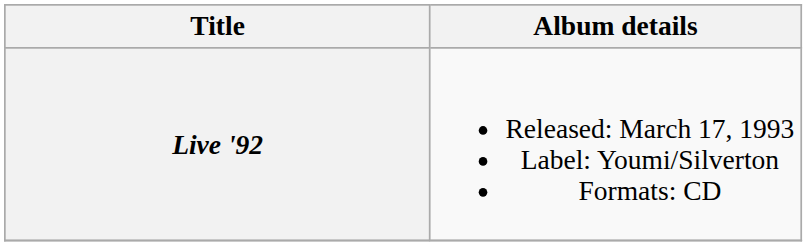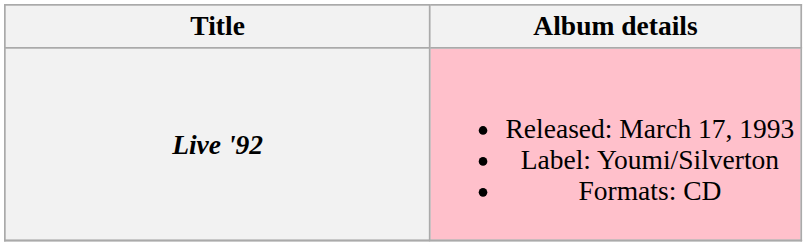 <table class="wikitable plainrowheaders" style="text-align:center;">
 <tr>
 <th scope="col" style="width:15em;">Title</th>
 <th scope="col">Album details</th>
 </tr>
 <tr>
 <th scope="row"><em>Live '92</em></th>
-<td><br><ul><li>Released: March 17, 1993</li><li>Label: Youmi/Silverton</li><li>Formats: CD</li></ul></td>
+<td style="background: pink;"><br><ul><li>Released: March 17, 1993</li><li>Label: Youmi/Silverton</li><li>Formats: CD</li></ul></td>
 </tr>
 <tr>
 </tr>
 </table>
